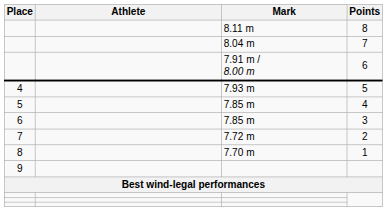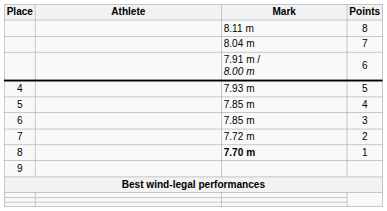 <table class=wikitable>
 <tr>
 <th>Place</th>
 <th style="width:18em">Athlete</th>
 <th style="width:12em">Mark</th>
 <th>Points</th>
 </tr>
 <tr>
 <td align=center></td>
 <td></td>
 <td>8.11 m </td>
 <td align=center>8</td>
 </tr>
 <tr>
 <td align=center></td>
 <td></td>
 <td>8.04 m </td>
 <td align=center>7</td>
 </tr>
 <tr>
 <td align=center></td>
 <td></td>
 <td>7.91 m  /<br><em>8.00 m </em></td>
 <td align=center>6</td>
 </tr>
 <tr style="border-top:3px solid black;">
 <td align=center>4</td>
 <td></td>
 <td>7.93 m </td>
 <td align=center>5</td>
 </tr>
 <tr>
 <td align=center>5</td>
 <td></td>
 <td>7.85 m </td>
 <td align=center>4</td>
 </tr>
 <tr>
 <td align=center>6</td>
 <td></td>
 <td>7.85 m </td>
 <td align=center>3</td>
 </tr>
 <tr>
 <td align=center>7</td>
 <td></td>
 <td>7.72 m </td>
 <td align=center>2</td>
 </tr>
 <tr>
 <td align=center>8</td>
 <td></td>
-<td>7.70 m </td>
+<td><strong>7.70 m </strong></td>
 <td align=center>1</td>
 </tr>
 <tr>
 <td align=center>9</td>
 <td></td>
 <td> </td>
 <td></td>
 </tr>
 <tr>
 <th align=center colspan=4>Best wind-legal performances</th>
 </tr>
 <tr>
 <td align=center></td>
 <td></td>
 <td> </td>
 </tr>
 <tr>
 <td align=center></td>
 <td></td>
 <td> </td>
 </tr>
 <tr>
 <td align=center></td>
 <td></td>
 <td> </td>
 </tr>
 </table>
